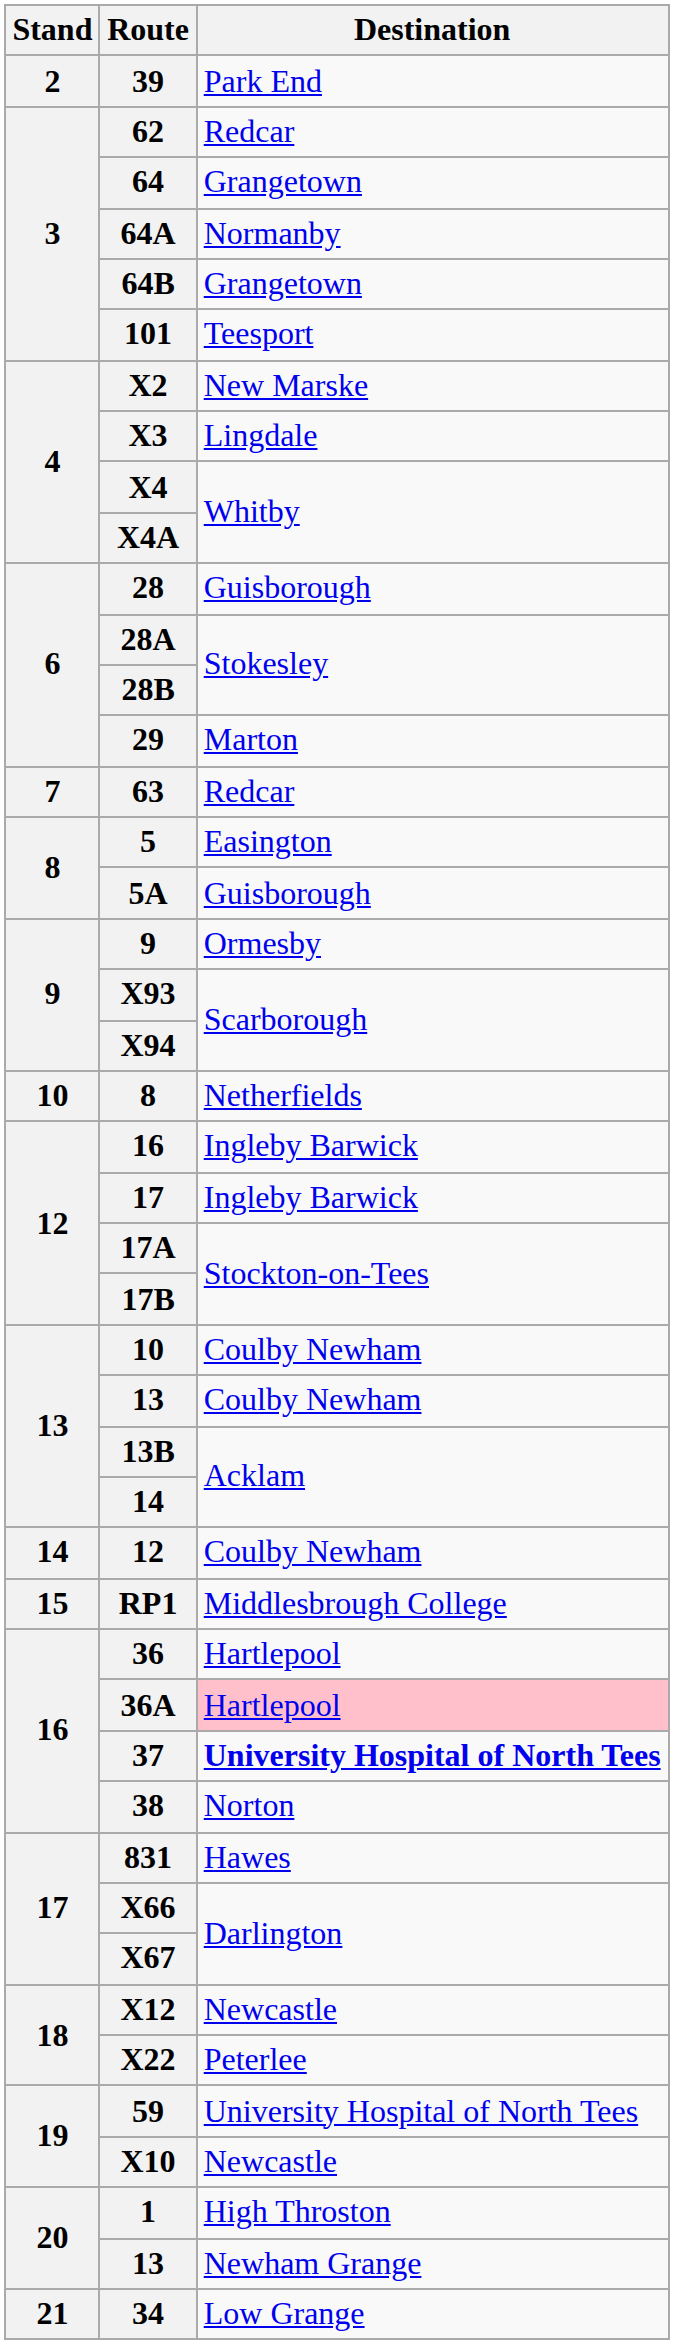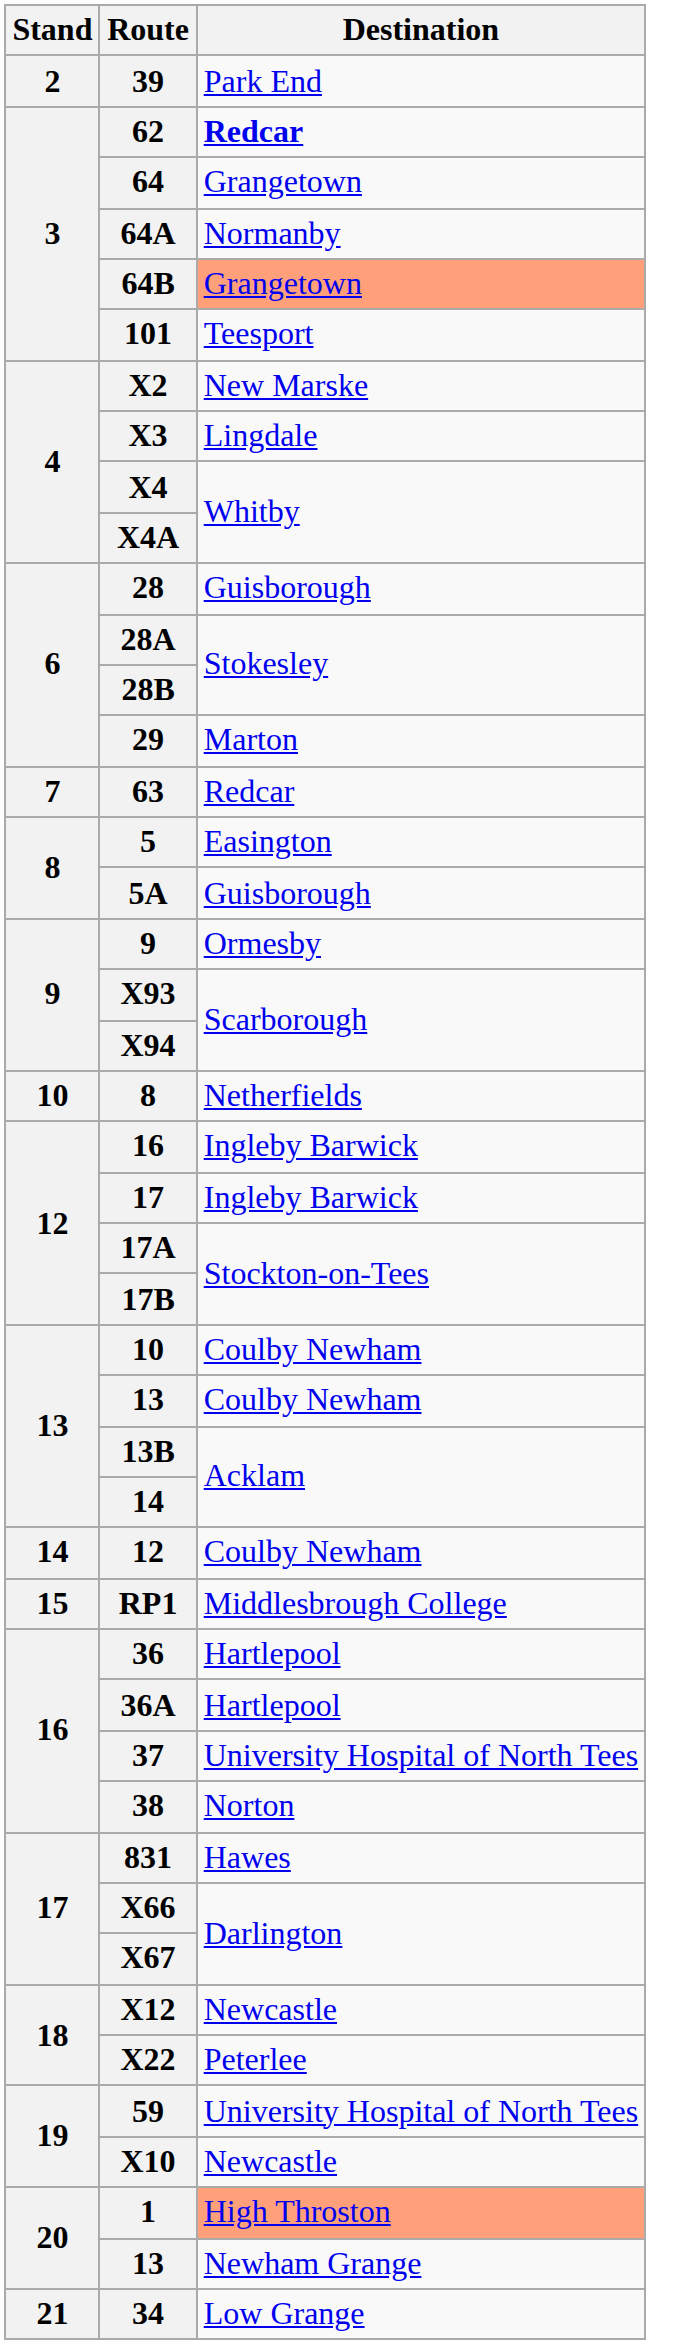 <table class="wikitable sortable mw-collapsible mw-collapsed">
 <tr>
 <th><strong>Stand</strong></th>
 <th><strong>Route</strong></th>
 <th><strong>Destination</strong></th>
 </tr>
 <tr>
 <th>2</th>
 <th>39</th>
 <td><a href='#'>Park End</a><br></td>
 </tr>
 <tr>
 <th rowspan="5">3</th>
 <th>62</th>
-<td><a href='#'>Redcar</a>  <br></td>
+<td><strong><a href='#'>Redcar</a>  <br></strong></td>
 </tr>
 <tr>
 <th>64</th>
 <td><a href='#'>Grangetown</a><br></td>
 </tr>
 <tr>
 <th>64A</th>
 <td><a href='#'>Normanby</a><br></td>
 </tr>
 <tr>
 <th>64B</th>
-<td><a href='#'>Grangetown</a><br></td>
+<td style="background: lightsalmon;"><a href='#'>Grangetown</a><br></td>
 </tr>
 <tr>
 <th>101</th>
 <td><a href='#'>Teesport</a><br></td>
 </tr>
 <tr>
 <th rowspan="4">4</th>
 <th>X2</th>
 <td><a href='#'>New Marske</a><br></td>
 </tr>
 <tr>
 <th>X3</th>
 <td><a href='#'>Lingdale</a><br></td>
 </tr>
 <tr>
 <th>X4</th>
 <td rowspan="2"><a href='#'>Whitby</a>  <br></td>
 </tr>
 <tr>
 <th>X4A</th>
 </tr>
 <tr>
 <th rowspan="4">6</th>
 <th>28</th>
 <td><a href='#'>Guisborough</a><br></td>
 </tr>
 <tr>
 <th>28A</th>
 <td rowspan="2"><a href='#'>Stokesley</a><br></td>
 </tr>
 <tr>
 <th>28B</th>
 </tr>
 <tr>
 <th>29</th>
 <td><a href='#'>Marton</a> <br></td>
 </tr>
 <tr>
 <th>7</th>
 <th>63</th>
 <td><a href='#'>Redcar</a>  <br></td>
 </tr>
 <tr>
 <th rowspan="2">8</th>
 <th>5</th>
 <td><a href='#'>Easington</a><br></td>
 </tr>
 <tr>
 <th>5A</th>
 <td><a href='#'>Guisborough</a><br></td>
 </tr>
 <tr>
 <th rowspan="3">9</th>
 <th>9</th>
 <td><a href='#'>Ormesby</a><br></td>
 </tr>
 <tr>
 <th>X93</th>
 <td rowspan="2"><a href='#'>Scarborough</a>  <br></td>
 </tr>
 <tr>
 <th>X94</th>
 </tr>
 <tr>
 <th>10</th>
 <th>8</th>
 <td><a href='#'>Netherfields</a><br></td>
 </tr>
 <tr>
 <th rowspan="4">12</th>
 <th>16</th>
 <td><a href='#'>Ingleby Barwick</a><br></td>
 </tr>
 <tr>
 <th>17</th>
 <td><a href='#'>Ingleby Barwick</a><br></td>
 </tr>
 <tr>
 <th>17A</th>
 <td rowspan="2"><a href='#'>Stockton-on-Tees</a> <br></td>
 </tr>
 <tr>
 <th>17B</th>
 </tr>
 <tr>
 <th rowspan="4">13</th>
 <th>10</th>
 <td><a href='#'>Coulby Newham</a><br></td>
 </tr>
 <tr>
 <th>13</th>
 <td><a href='#'>Coulby Newham</a><br></td>
 </tr>
 <tr>
 <th>13B</th>
 <td rowspan="2"><a href='#'>Acklam</a></td>
 </tr>
 <tr>
 <th>14</th>
 </tr>
 <tr>
 <th>14</th>
 <th>12</th>
 <td><a href='#'>Coulby Newham</a><br></td>
 </tr>
 <tr>
 <th>15</th>
 <th>RP1</th>
 <td><a href='#'>Middlesbrough College</a></td>
 </tr>
 <tr>
 <th rowspan="4">16</th>
 <th>36</th>
 <td><a href='#'>Hartlepool</a>  <br></td>
 </tr>
 <tr>
 <th>36A</th>
-<td style="background: pink;"><a href='#'>Hartlepool</a>  <br></td>
+<td><a href='#'>Hartlepool</a>  <br></td>
 </tr>
 <tr>
 <th>37</th>
-<td><strong><a href='#'>University Hospital of North Tees</a><br></strong></td>
+<td><a href='#'>University Hospital of North Tees</a><br></td>
 </tr>
 <tr>
 <th>38</th>
 <td><a href='#'>Norton</a><br></td>
 </tr>
 <tr>
 <th rowspan="3">17</th>
 <th>831</th>
 <td><a href='#'>Hawes</a><br></td>
 </tr>
 <tr>
 <th>X66</th>
 <td rowspan="2"><a href='#'>Darlington</a>  <br></td>
 </tr>
 <tr>
 <th>X67</th>
 </tr>
 <tr>
 <th rowspan="2">18</th>
 <th>X12</th>
 <td><a href='#'>Newcastle</a>   <br></td>
 </tr>
 <tr>
 <th>X22</th>
 <td><a href='#'>Peterlee</a> <br></td>
 </tr>
 <tr>
 <th rowspan="2">19</th>
 <th>59</th>
 <td><a href='#'>University Hospital of North Tees</a><br></td>
 </tr>
 <tr>
 <th>X10</th>
 <td><a href='#'>Newcastle</a>   <br></td>
 </tr>
 <tr>
 <th rowspan="2">20</th>
 <th>1</th>
-<td><a href='#'>High Throston</a><br></td>
+<td style="background: lightsalmon;"><a href='#'>High Throston</a><br></td>
 </tr>
 <tr>
 <th>13</th>
 <td><a href='#'>Newham Grange</a><br></td>
 </tr>
 <tr>
 <th>21</th>
 <th>34</th>
 <td><a href='#'>Low Grange</a><br></td>
 </tr>
 </table>
